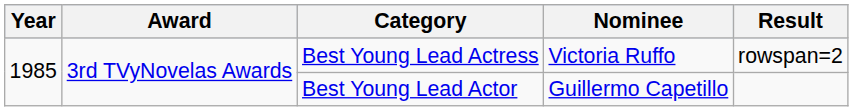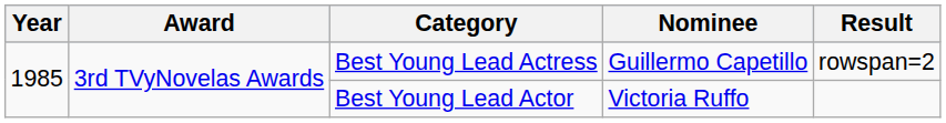 <table class="wikitable">
 <tr style="background:#b0c4de;">
 <th>Year</th>
 <th>Award</th>
 <th>Category</th>
 <th>Nominee</th>
 <th>Result</th>
 </tr>
 <tr>
 <td rowspan=2>1985</td>
 <td rowspan=2><a href='#'>3rd TVyNovelas Awards</a></td>
 <td><a href='#'>Best Young Lead Actress</a></td>
-<td><a href='#'>Victoria Ruffo</a></td>
+<td><a href='#'>Guillermo Capetillo</a></td>
 <td>rowspan=2 </td>
 </tr>
 <tr>
 <td><a href='#'>Best Young Lead Actor</a></td>
-<td><a href='#'>Guillermo Capetillo</a></td>
+<td><a href='#'>Victoria Ruffo</a></td>
 </tr>
 </table>
